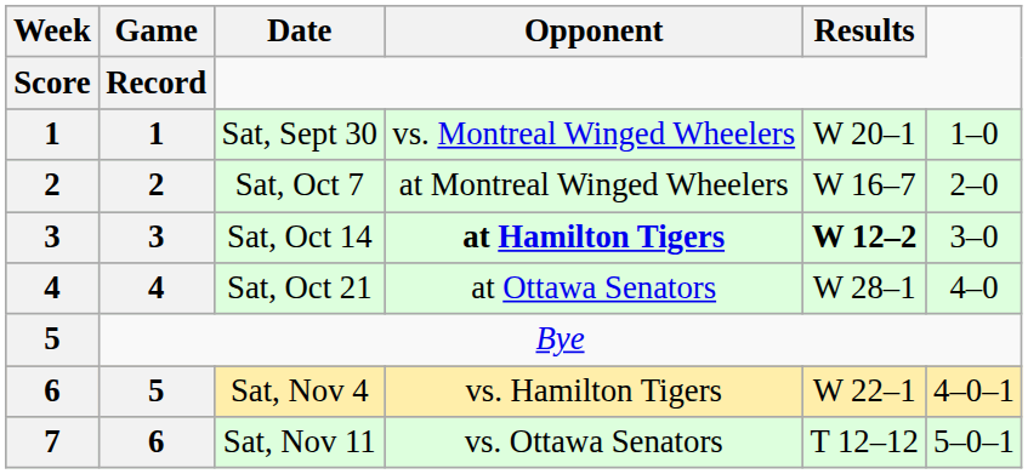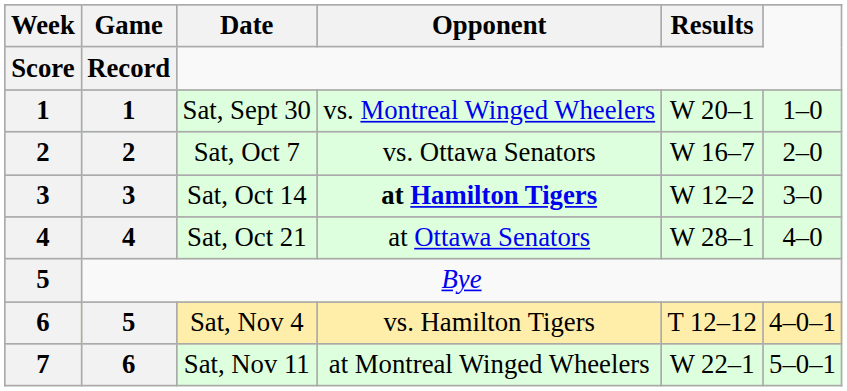 <table class="wikitable" style="text-align:center">
 <tr>
 <th>Week</th>
 <th>Game</th>
 <th>Date</th>
 <th>Opponent</th>
 <th>Results</th>
 </tr>
 <tr>
 <th>Score</th>
 <th>Record</th>
 </tr>
 <tr style="background:#ddffdd">
 <th>1</th>
 <th>1</th>
 <td>Sat, Sept 30</td>
 <td>vs. <a href='#'>Montreal Winged Wheelers</a></td>
 <td>W 20–1</td>
 <td>1–0</td>
 </tr>
 <tr style="background:#ddffdd">
 <th>2</th>
 <th>2</th>
 <td>Sat, Oct 7</td>
-<td>at Montreal Winged Wheelers</td>
+<td>vs. Ottawa Senators</td>
 <td>W 16–7</td>
 <td>2–0</td>
 </tr>
 <tr style="background:#ddffdd">
 <th>3</th>
 <th>3</th>
 <td>Sat, Oct 14</td>
 <td><strong>at <a href='#'>Hamilton Tigers</a></strong></td>
-<td><strong>W 12–2</strong></td>
+<td>W 12–2</td>
 <td>3–0</td>
 </tr>
 <tr style="background:#ddffdd">
 <th>4</th>
 <th>4</th>
 <td>Sat, Oct 21</td>
 <td>at <a href='#'>Ottawa Senators</a></td>
 <td>W 28–1</td>
 <td>4–0</td>
 </tr>
 <tr>
 <th>5</th>
 <td colspan="7"><em><a href='#'>Bye</a></em></td>
 </tr>
 <tr style="background:#ffeeaa">
 <th>6</th>
 <th>5</th>
 <td>Sat, Nov 4</td>
 <td>vs. Hamilton Tigers</td>
-<td>W 22–1</td>
+<td>T 12–12</td>
 <td>4–0–1</td>
 </tr>
 <tr style="background:#ddffdd">
 <th>7</th>
 <th>6</th>
 <td>Sat, Nov 11</td>
-<td>vs. Ottawa Senators</td>
-<td>T 12–12</td>
+<td>at Montreal Winged Wheelers</td>
+<td>W 22–1</td>
 <td>5–0–1</td>
 </tr>
 </table>
